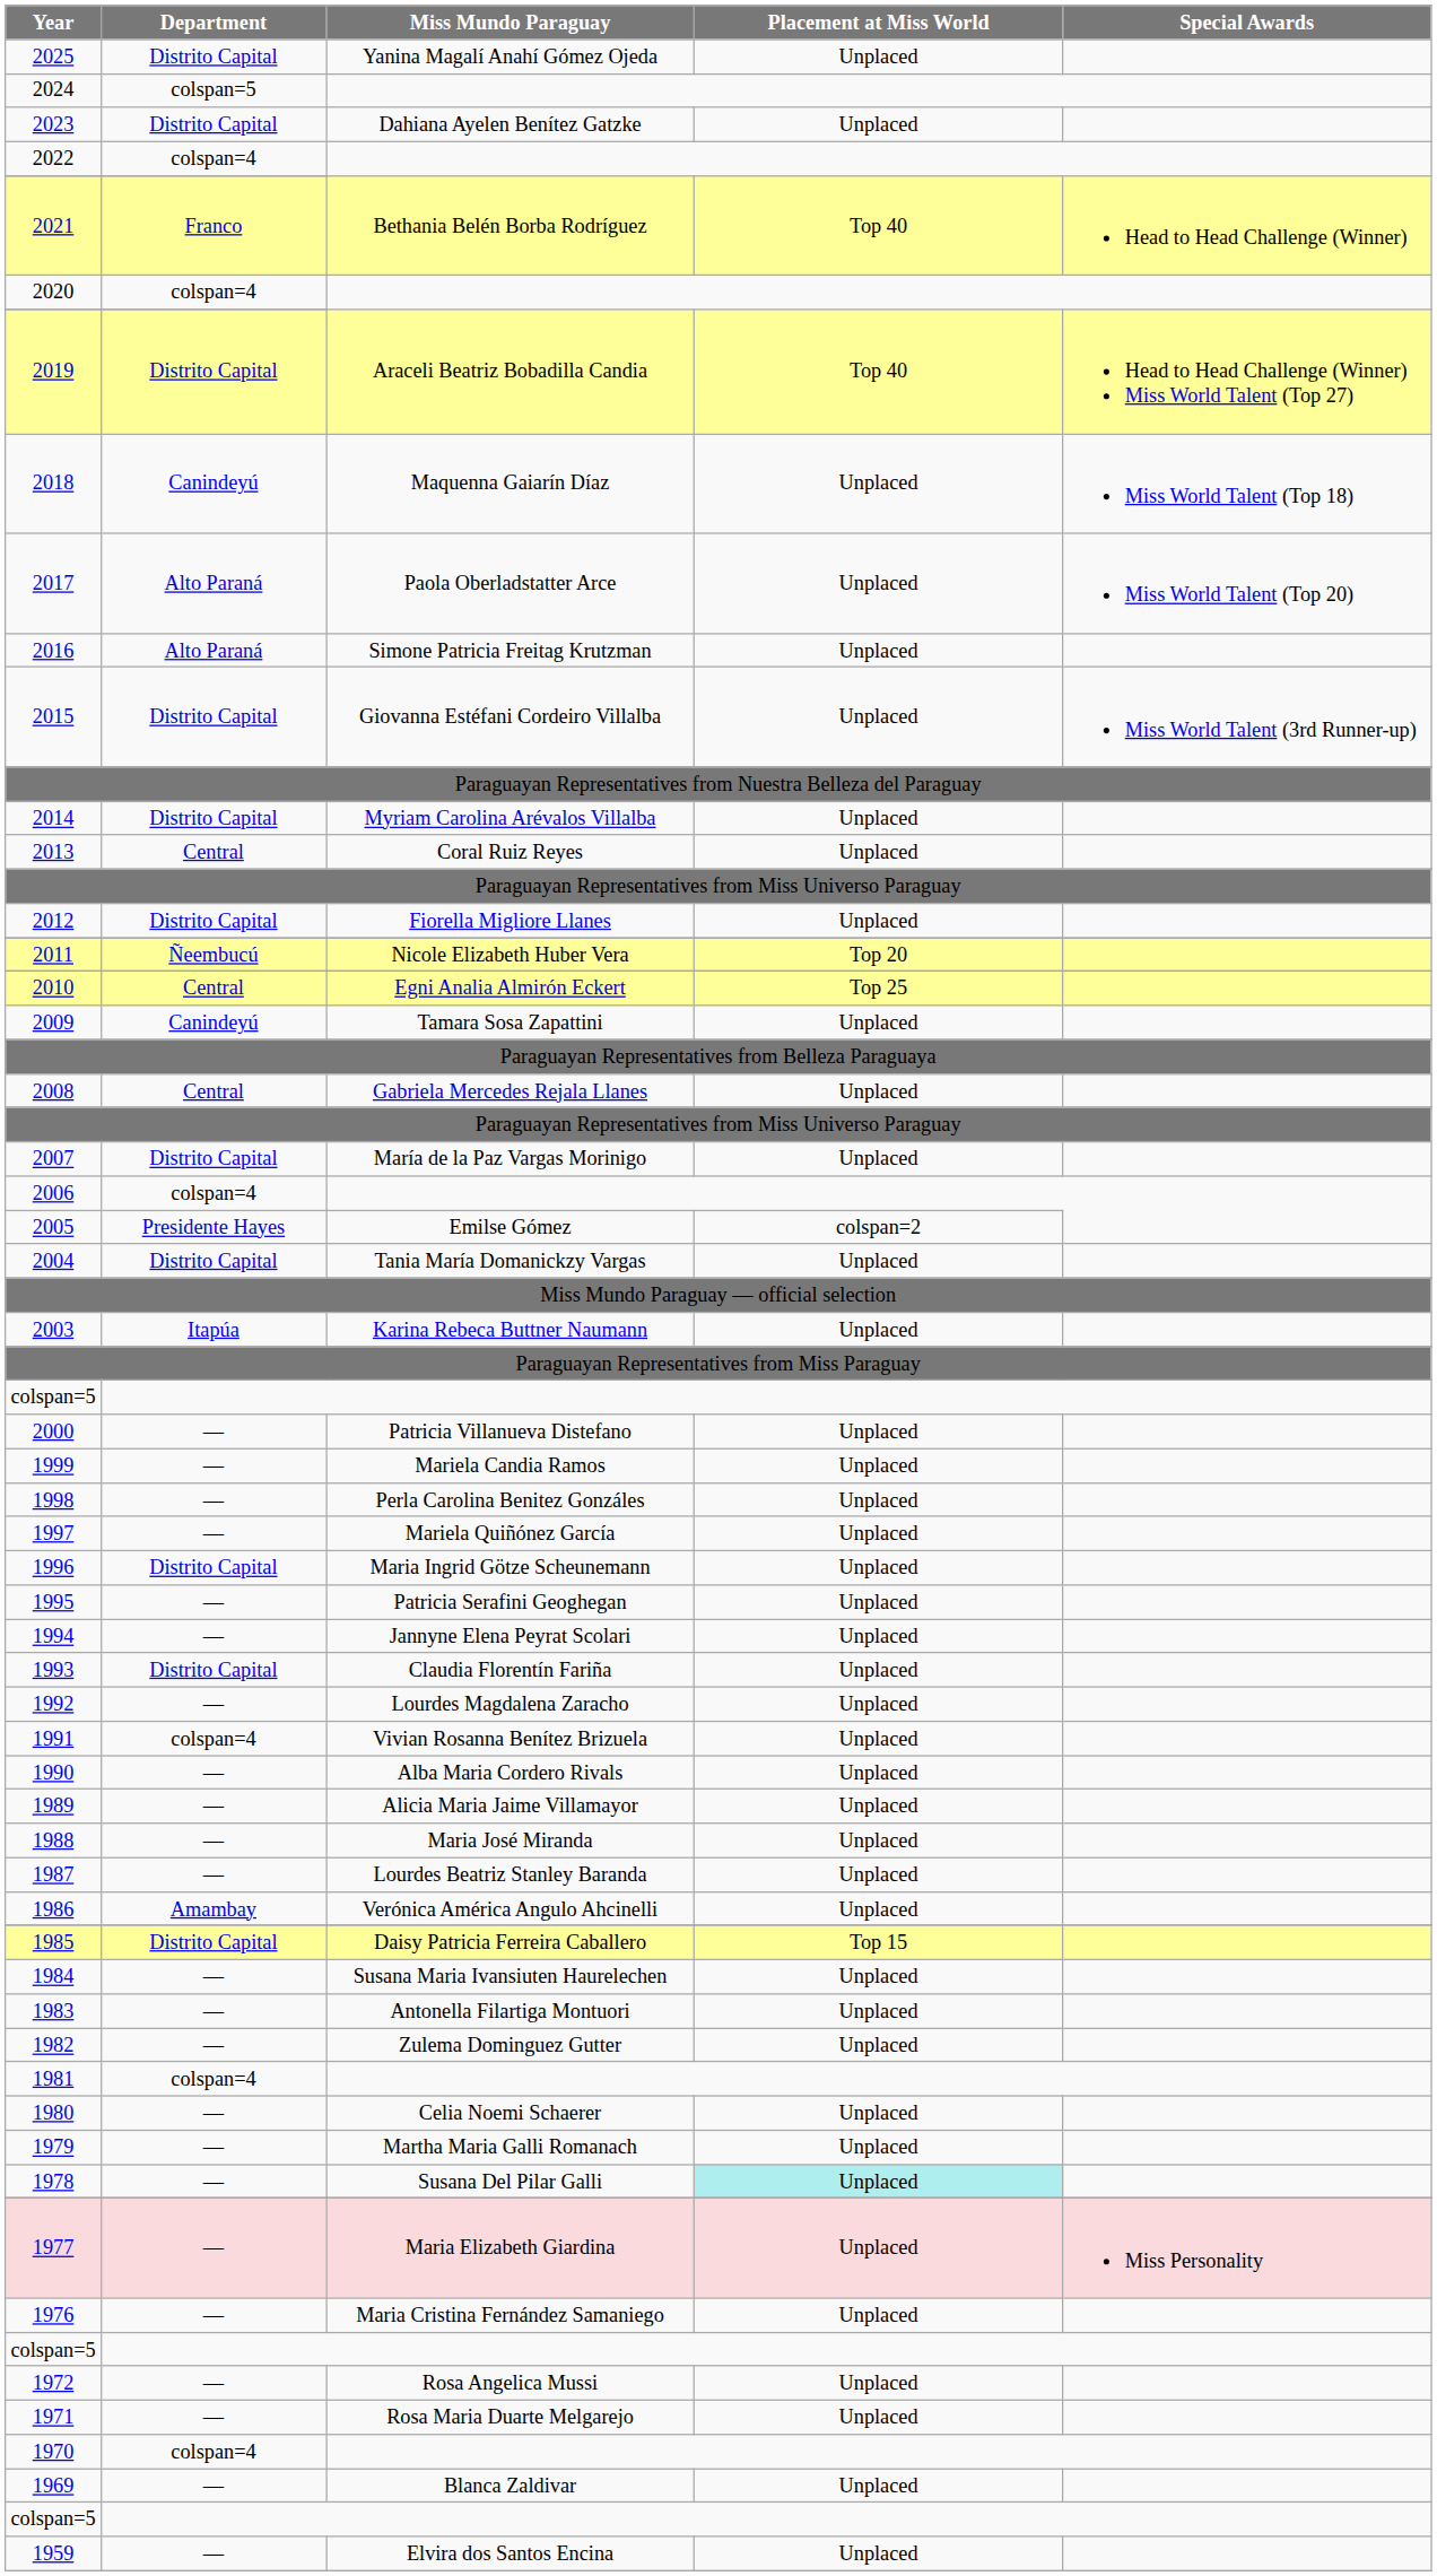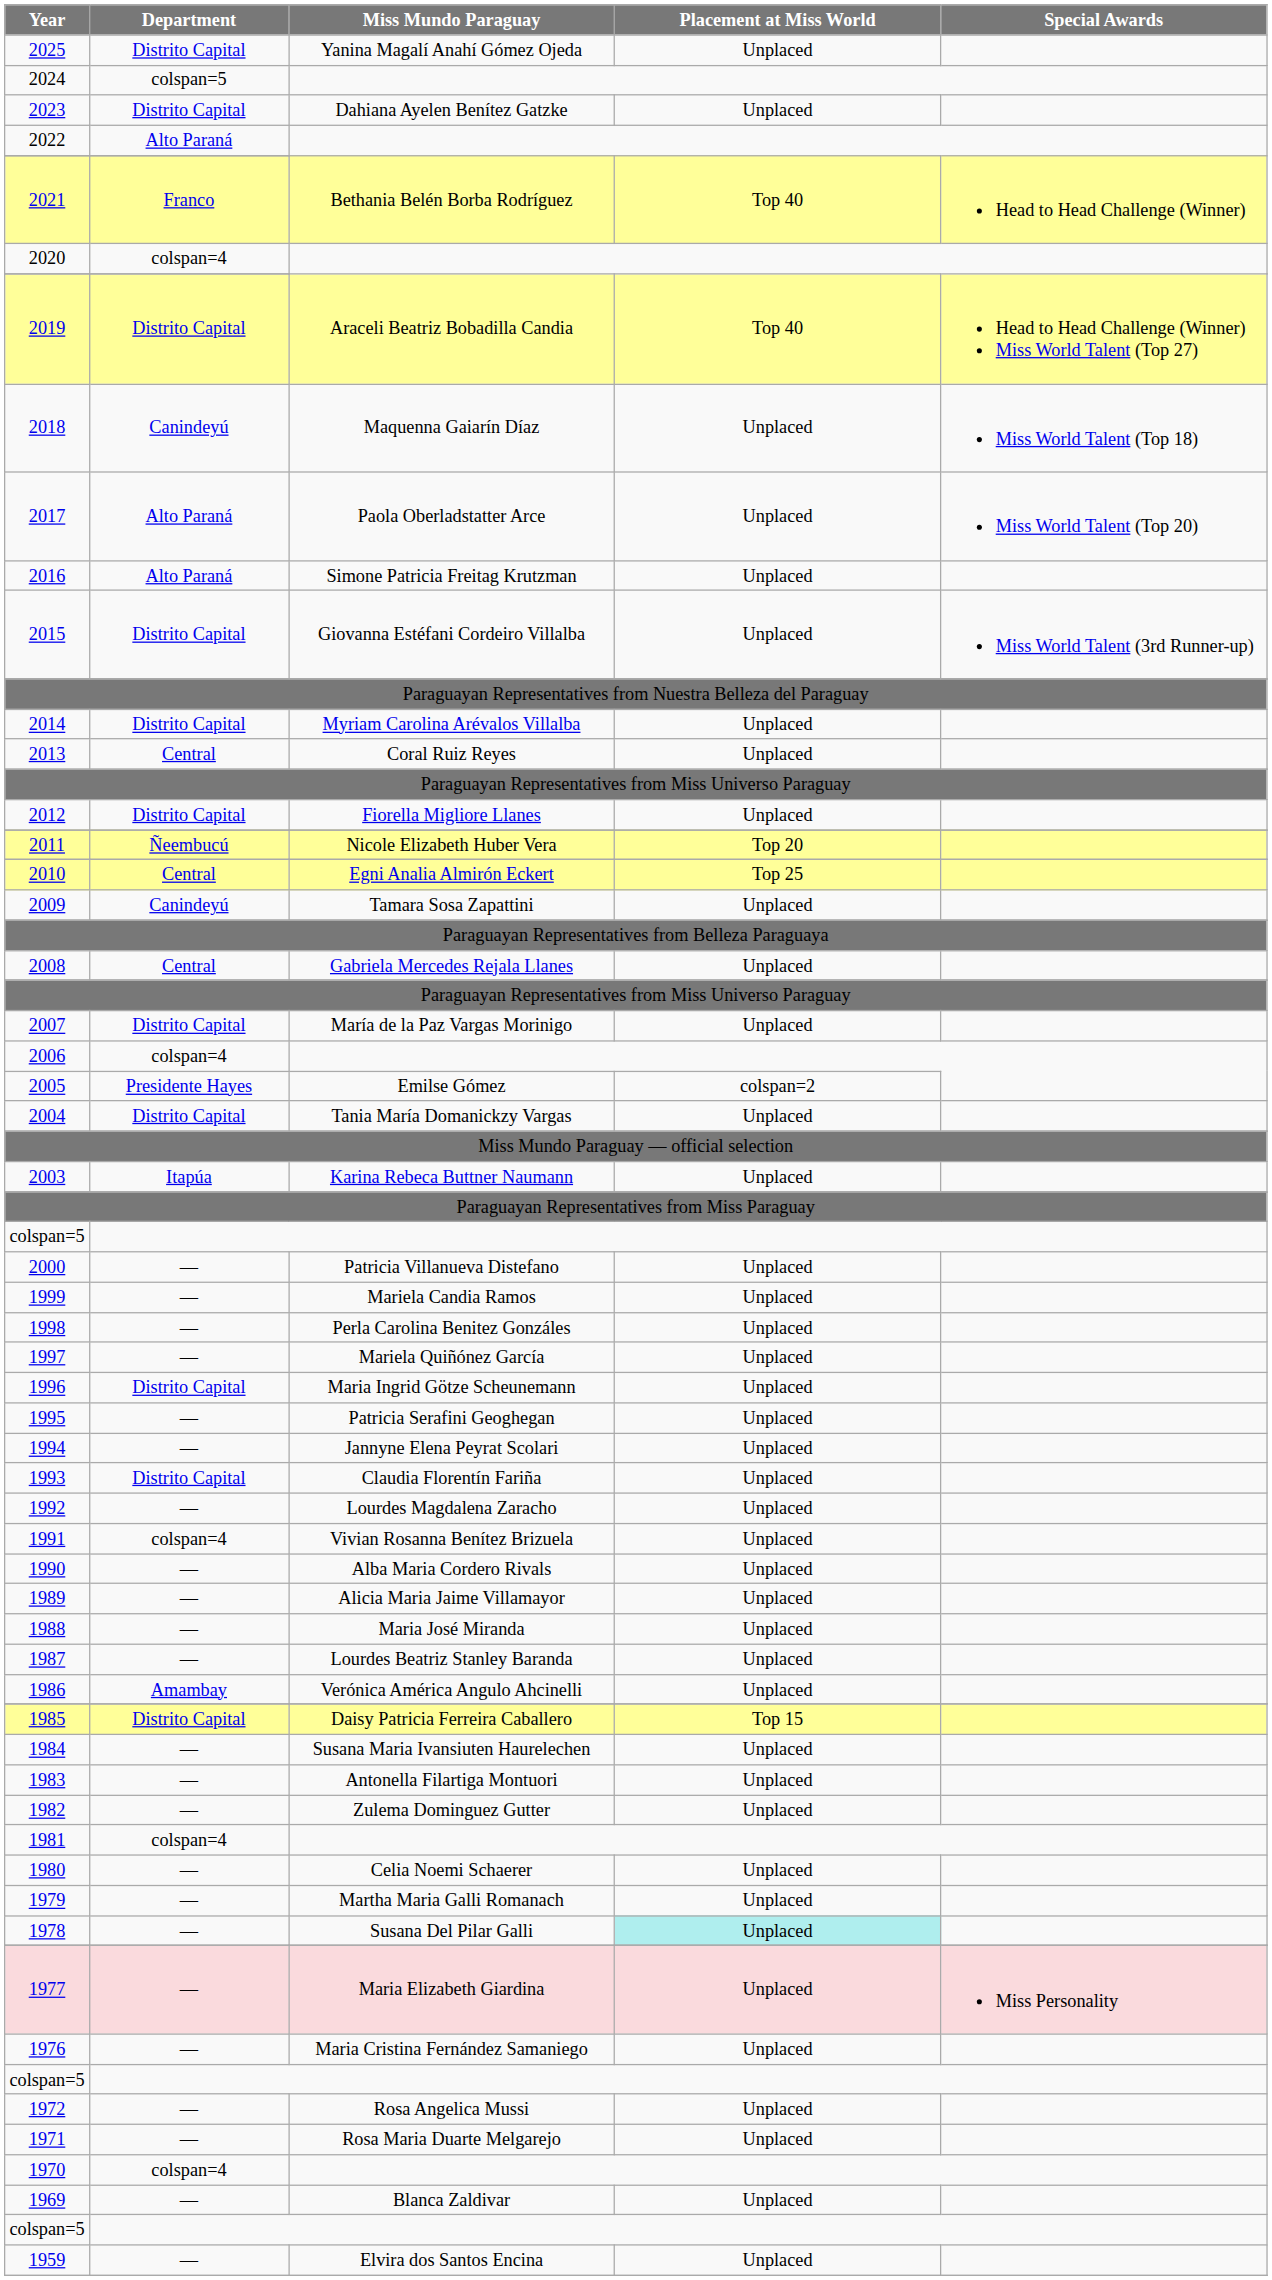 <table class="wikitable " style="font-size: 90%; text-align:center">
 <tr>
 <th width="60" style="background-color:#787878;color:#FFFFFF;">Year</th>
 <th width="150" style="background-color:#787878;color:#FFFFFF;">Department</th>
 <th width="250" style="background-color:#787878;color:#FFFFFF;">Miss Mundo Paraguay</th>
 <th width="250" style="background-color:#787878;color:#FFFFFF;">Placement at Miss World</th>
 <th width="250" style="background-color:#787878;color:#FFFFFF;">Special Awards</th>
 </tr>
 <tr>
 <td><a href='#'>2025</a></td>
 <td><a href='#'>Distrito Capital</a></td>
 <td>Yanina Magalí Anahí Gómez Ojeda</td>
 <td>Unplaced</td>
 <td></td>
 </tr>
 <tr>
 <td>2024</td>
 <td>colspan=5 </td>
 </tr>
 <tr>
 <td><a href='#'>2023</a></td>
 <td><a href='#'>Distrito Capital</a></td>
 <td>Dahiana Ayelen Benítez Gatzke</td>
 <td>Unplaced</td>
 <td></td>
 </tr>
 <tr>
 <td>2022</td>
-<td>colspan=4 </td>
+<td><a href='#'>Alto Paraná</a></td>
 </tr>
 <tr>
 </tr>
 <tr style="background-color:#FFFF99;">
 <td><a href='#'>2021</a></td>
 <td><a href='#'>Franco</a></td>
 <td>Bethania Belén Borba Rodríguez</td>
 <td>Top 40</td>
 <td align="left"><br><ul><li>Head to Head Challenge (Winner)</li></ul></td>
 </tr>
 <tr>
 <td>2020</td>
 <td>colspan=4 </td>
 </tr>
 <tr>
 </tr>
 <tr style="background-color:#FFFF99;">
 <td><a href='#'>2019</a></td>
 <td><a href='#'>Distrito Capital</a></td>
 <td>Araceli Beatriz Bobadilla Candia</td>
 <td>Top 40</td>
 <td align="left"><br><ul><li>Head to Head Challenge (Winner)</li><li><a href='#'>Miss World Talent</a> (Top 27)</li></ul></td>
 </tr>
 <tr>
 <td><a href='#'>2018</a></td>
 <td><a href='#'>Canindeyú</a></td>
 <td>Maquenna Gaiarín Díaz</td>
 <td>Unplaced</td>
 <td align="left"><br><ul><li><a href='#'>Miss World Talent</a> (Top 18)</li></ul></td>
 </tr>
 <tr>
 <td><a href='#'>2017</a></td>
 <td><a href='#'>Alto Paraná</a></td>
 <td>Paola Oberladstatter Arce</td>
 <td>Unplaced</td>
 <td align="left"><br><ul><li><a href='#'>Miss World Talent</a> (Top 20)</li></ul></td>
 </tr>
 <tr>
 <td><a href='#'>2016</a></td>
 <td><a href='#'>Alto Paraná</a></td>
 <td>Simone Patricia Freitag Krutzman</td>
 <td>Unplaced</td>
 <td></td>
 </tr>
 <tr>
 <td><a href='#'>2015</a></td>
 <td><a href='#'>Distrito Capital</a></td>
 <td>Giovanna Estéfani Cordeiro Villalba</td>
 <td>Unplaced</td>
 <td align="left"><br><ul><li><a href='#'>Miss World Talent</a> (3rd Runner-up)</li></ul></td>
 </tr>
 <tr>
 </tr>
 <tr bgcolor="#787878" align="center">
 <td colspan="5"><span>Paraguayan Representatives from Nuestra Belleza del Paraguay</span></td>
 </tr>
 <tr>
 <td><a href='#'>2014</a></td>
 <td><a href='#'>Distrito Capital</a></td>
 <td><a href='#'>Myriam Carolina Arévalos Villalba</a></td>
 <td>Unplaced</td>
 <td></td>
 </tr>
 <tr>
 <td><a href='#'>2013</a></td>
 <td><a href='#'>Central</a></td>
 <td>Coral Ruiz Reyes</td>
 <td>Unplaced</td>
 <td></td>
 </tr>
 <tr>
 </tr>
 <tr bgcolor="#787878" align="center">
 <td colspan="5"><span>Paraguayan Representatives from Miss Universo Paraguay</span></td>
 </tr>
 <tr>
 <td><a href='#'>2012</a></td>
 <td><a href='#'>Distrito Capital</a></td>
 <td><a href='#'>Fiorella Migliore Llanes</a></td>
 <td>Unplaced</td>
 <td></td>
 </tr>
 <tr>
 </tr>
 <tr style="background-color:#FFFF99;">
 <td><a href='#'>2011</a></td>
 <td><a href='#'>Ñeembucú</a></td>
 <td>Nicole Elizabeth Huber Vera</td>
 <td>Top 20</td>
 <td></td>
 </tr>
 <tr>
 </tr>
 <tr style="background-color:#FFFF99;">
 <td><a href='#'>2010</a></td>
 <td><a href='#'>Central</a></td>
 <td><a href='#'>Egni Analia Almirón Eckert</a></td>
 <td>Top 25</td>
 <td></td>
 </tr>
 <tr>
 <td><a href='#'>2009</a></td>
 <td><a href='#'>Canindeyú</a></td>
 <td>Tamara Sosa Zapattini</td>
 <td>Unplaced</td>
 <td></td>
 </tr>
 <tr>
 </tr>
 <tr bgcolor="#787878" align="center">
 <td colspan="5"><span>Paraguayan Representatives from Belleza Paraguaya</span></td>
 </tr>
 <tr>
 <td><a href='#'>2008</a></td>
 <td><a href='#'>Central</a></td>
 <td><a href='#'>Gabriela Mercedes Rejala Llanes</a></td>
 <td>Unplaced</td>
 <td></td>
 </tr>
 <tr>
 </tr>
 <tr bgcolor="#787878" align="center">
 <td colspan="5"><span>Paraguayan Representatives from Miss Universo Paraguay</span></td>
 </tr>
 <tr>
 <td><a href='#'>2007</a></td>
 <td><a href='#'>Distrito Capital</a></td>
 <td>María de la Paz Vargas Morinigo</td>
 <td>Unplaced</td>
 <td></td>
 </tr>
 <tr>
 <td><a href='#'>2006</a></td>
 <td>colspan=4 </td>
 </tr>
 <tr>
 <td><a href='#'>2005</a></td>
 <td><a href='#'>Presidente Hayes</a></td>
 <td>Emilse Gómez</td>
 <td>colspan=2 </td>
 </tr>
 <tr>
 <td><a href='#'>2004</a></td>
 <td><a href='#'>Distrito Capital</a></td>
 <td>Tania María Domanickzy Vargas</td>
 <td>Unplaced</td>
 <td></td>
 </tr>
 <tr>
 </tr>
 <tr bgcolor="#787878" align="center">
 <td colspan="5"><span>Miss Mundo Paraguay — official selection</span></td>
 </tr>
 <tr>
 <td><a href='#'>2003</a></td>
 <td><a href='#'>Itapúa</a></td>
 <td><a href='#'>Karina Rebeca Buttner Naumann</a></td>
 <td>Unplaced</td>
 <td></td>
 </tr>
 <tr>
 </tr>
 <tr bgcolor="#787878" align="center">
 <td colspan="5"><span>Paraguayan Representatives from Miss Paraguay</span></td>
 </tr>
 <tr>
 <td>colspan=5 </td>
 </tr>
 <tr>
 <td><a href='#'>2000</a></td>
 <td>—</td>
 <td>Patricia Villanueva Distefano</td>
 <td>Unplaced</td>
 <td></td>
 </tr>
 <tr>
 <td><a href='#'>1999</a></td>
 <td>—</td>
 <td>Mariela Candia Ramos</td>
 <td>Unplaced</td>
 <td></td>
 </tr>
 <tr>
 <td><a href='#'>1998</a></td>
 <td>—</td>
 <td>Perla Carolina Benitez Gonzáles</td>
 <td>Unplaced</td>
 <td></td>
 </tr>
 <tr>
 <td><a href='#'>1997</a></td>
 <td>—</td>
 <td>Mariela Quiñónez García</td>
 <td>Unplaced</td>
 <td></td>
 </tr>
 <tr>
 <td><a href='#'>1996</a></td>
 <td><a href='#'>Distrito Capital</a></td>
 <td>Maria Ingrid Götze Scheunemann</td>
 <td>Unplaced</td>
 <td></td>
 </tr>
 <tr>
 <td><a href='#'>1995</a></td>
 <td>—</td>
 <td>Patricia Serafini Geoghegan</td>
 <td>Unplaced</td>
 <td></td>
 </tr>
 <tr>
 <td><a href='#'>1994</a></td>
 <td>—</td>
 <td>Jannyne Elena Peyrat Scolari</td>
 <td>Unplaced</td>
 <td></td>
 </tr>
 <tr>
 <td><a href='#'>1993</a></td>
 <td><a href='#'>Distrito Capital</a></td>
 <td>Claudia Florentín Fariña</td>
 <td>Unplaced</td>
 <td></td>
 </tr>
 <tr>
 <td><a href='#'>1992</a></td>
 <td>—</td>
 <td>Lourdes Magdalena Zaracho</td>
 <td>Unplaced</td>
 <td></td>
 </tr>
 <tr>
 <td><a href='#'>1991</a></td>
 <td>colspan=4 </td>
 <td>Vivian Rosanna Benítez Brizuela</td>
 <td>Unplaced</td>
 <td></td>
 </tr>
 <tr>
 <td><a href='#'>1990</a></td>
 <td>—</td>
 <td>Alba Maria Cordero Rivals</td>
 <td>Unplaced</td>
 <td></td>
 </tr>
 <tr>
 <td><a href='#'>1989</a></td>
 <td>—</td>
 <td>Alicia Maria Jaime Villamayor</td>
 <td>Unplaced</td>
 <td></td>
 </tr>
 <tr>
 <td><a href='#'>1988</a></td>
 <td>—</td>
 <td>Maria José Miranda</td>
 <td>Unplaced</td>
 <td></td>
 </tr>
 <tr>
 <td><a href='#'>1987</a></td>
 <td>—</td>
 <td>Lourdes Beatriz Stanley Baranda</td>
 <td>Unplaced</td>
 <td></td>
 </tr>
 <tr>
 <td><a href='#'>1986</a></td>
 <td><a href='#'>Amambay</a></td>
 <td>Verónica América Angulo Ahcinelli</td>
 <td>Unplaced</td>
 <td></td>
 </tr>
 <tr>
 </tr>
 <tr style="background-color:#FFFF99;">
 <td><a href='#'>1985</a></td>
 <td><a href='#'>Distrito Capital</a></td>
 <td>Daisy Patricia Ferreira Caballero</td>
 <td>Top 15</td>
 <td></td>
 </tr>
 <tr>
 <td><a href='#'>1984</a></td>
 <td>—</td>
 <td>Susana Maria Ivansiuten Haurelechen</td>
 <td>Unplaced</td>
 <td></td>
 </tr>
 <tr>
 <td><a href='#'>1983</a></td>
 <td>—</td>
 <td>Antonella Filartiga Montuori</td>
 <td>Unplaced</td>
 <td></td>
 </tr>
 <tr>
 <td><a href='#'>1982</a></td>
 <td>—</td>
 <td>Zulema Dominguez Gutter</td>
 <td>Unplaced</td>
 <td></td>
 </tr>
 <tr>
 <td><a href='#'>1981</a></td>
 <td>colspan=4 </td>
 </tr>
 <tr>
 <td><a href='#'>1980</a></td>
 <td>—</td>
 <td>Celia Noemi Schaerer</td>
 <td>Unplaced</td>
 <td></td>
 </tr>
 <tr>
 <td><a href='#'>1979</a></td>
 <td>—</td>
 <td>Martha Maria Galli Romanach</td>
 <td>Unplaced</td>
 <td></td>
 </tr>
 <tr>
 <td><a href='#'>1978</a></td>
 <td>—</td>
 <td>Susana Del Pilar Galli</td>
 <td style="background: paleturquoise;">Unplaced</td>
 <td></td>
 </tr>
 <tr>
 </tr>
 <tr style="background-color:#FADADD;">
 <td><a href='#'>1977</a></td>
 <td>—</td>
 <td>Maria Elizabeth Giardina</td>
 <td>Unplaced</td>
 <td align="left"><br><ul><li>Miss Personality</li></ul></td>
 </tr>
 <tr>
 <td><a href='#'>1976</a></td>
 <td>—</td>
 <td>Maria Cristina Fernández Samaniego</td>
 <td>Unplaced</td>
 <td></td>
 </tr>
 <tr>
 <td>colspan=5 </td>
 </tr>
 <tr>
 <td><a href='#'>1972</a></td>
 <td>—</td>
 <td>Rosa Angelica Mussi</td>
 <td>Unplaced</td>
 <td></td>
 </tr>
 <tr>
 <td><a href='#'>1971</a></td>
 <td>—</td>
 <td>Rosa Maria Duarte Melgarejo</td>
 <td>Unplaced</td>
 <td></td>
 </tr>
 <tr>
 <td><a href='#'>1970</a></td>
 <td>colspan=4 </td>
 </tr>
 <tr>
 <td><a href='#'>1969</a></td>
 <td>—</td>
 <td>Blanca Zaldivar</td>
 <td>Unplaced</td>
 <td></td>
 </tr>
 <tr>
 <td>colspan=5 </td>
 </tr>
 <tr>
 <td><a href='#'>1959</a></td>
 <td>—</td>
 <td>Elvira dos Santos Encina</td>
 <td>Unplaced</td>
 <td></td>
 </tr>
 <tr>
 </tr>
 </table>
